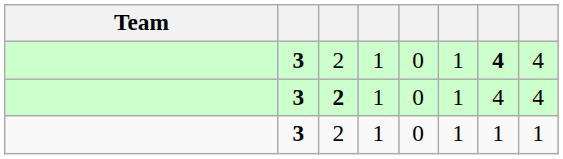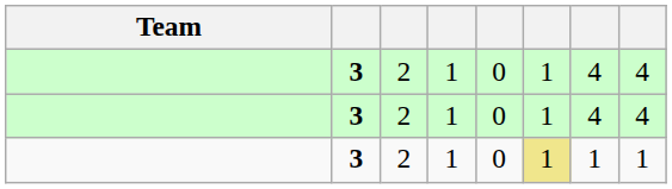 <table class="wikitable" style="text-align: center;">
 <tr>
 <th width=180>Team</th>
 <th width=20></th>
 <th width=20></th>
 <th width=20></th>
 <th width=20></th>
 <th width=20></th>
 <th width=20></th>
 <th width=20></th>
 </tr>
 <tr bgcolor=ccffcc>
 <td align=left></td>
 <td><strong>3</strong></td>
 <td>2</td>
 <td>1</td>
 <td>0</td>
 <td>1</td>
-<td><strong>4</strong></td>
+<td>4</td>
 <td>4</td>
 </tr>
 <tr bgcolor=ccffcc>
 <td align=left></td>
 <td><strong>3</strong></td>
-<td><strong>2</strong></td>
+<td>2</td>
 <td>1</td>
 <td>0</td>
 <td>1</td>
 <td>4</td>
 <td>4</td>
 </tr>
 <tr>
 <td align=left></td>
 <td><strong>3</strong></td>
 <td>2</td>
 <td>1</td>
 <td>0</td>
-<td>1</td>
+<td style="background: khaki;">1</td>
 <td>1</td>
 <td>1</td>
 </tr>
 </table>
